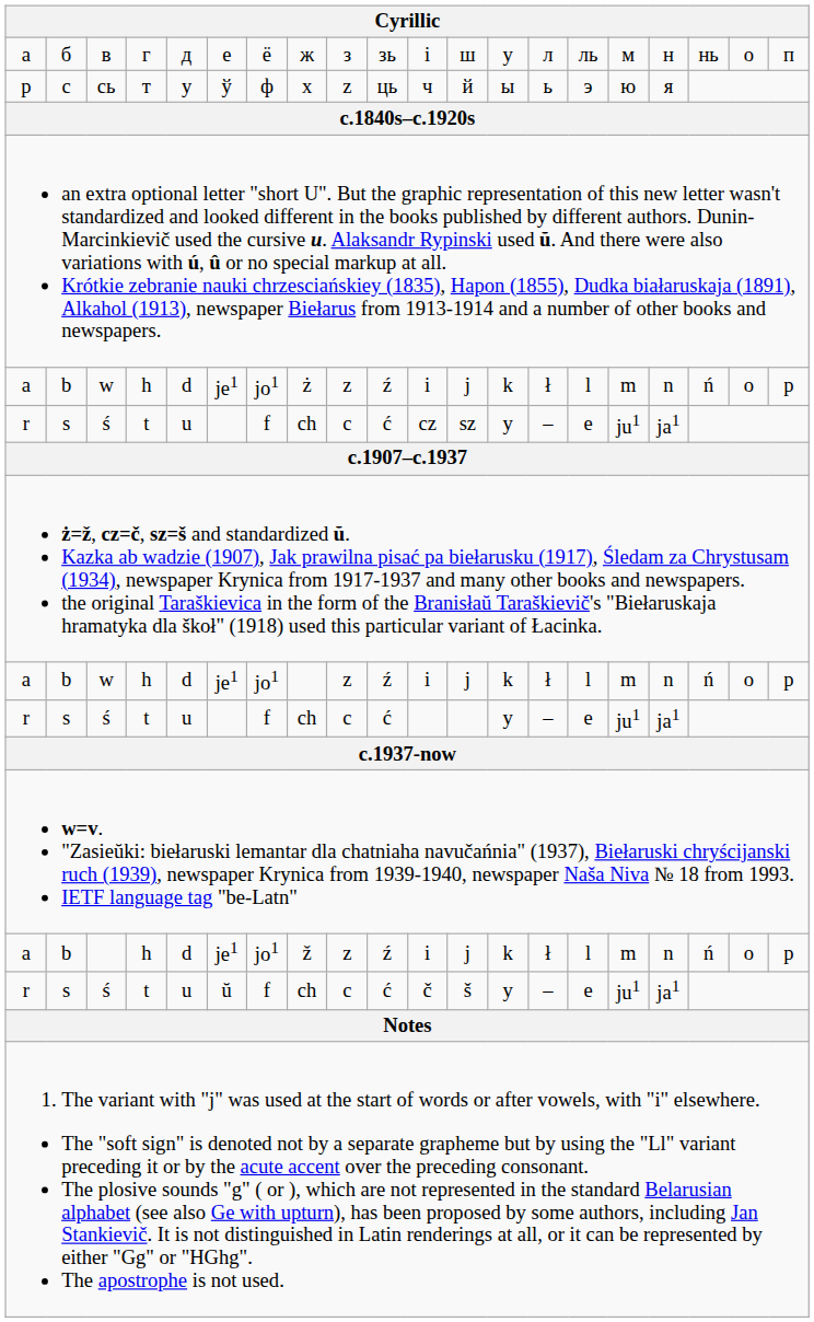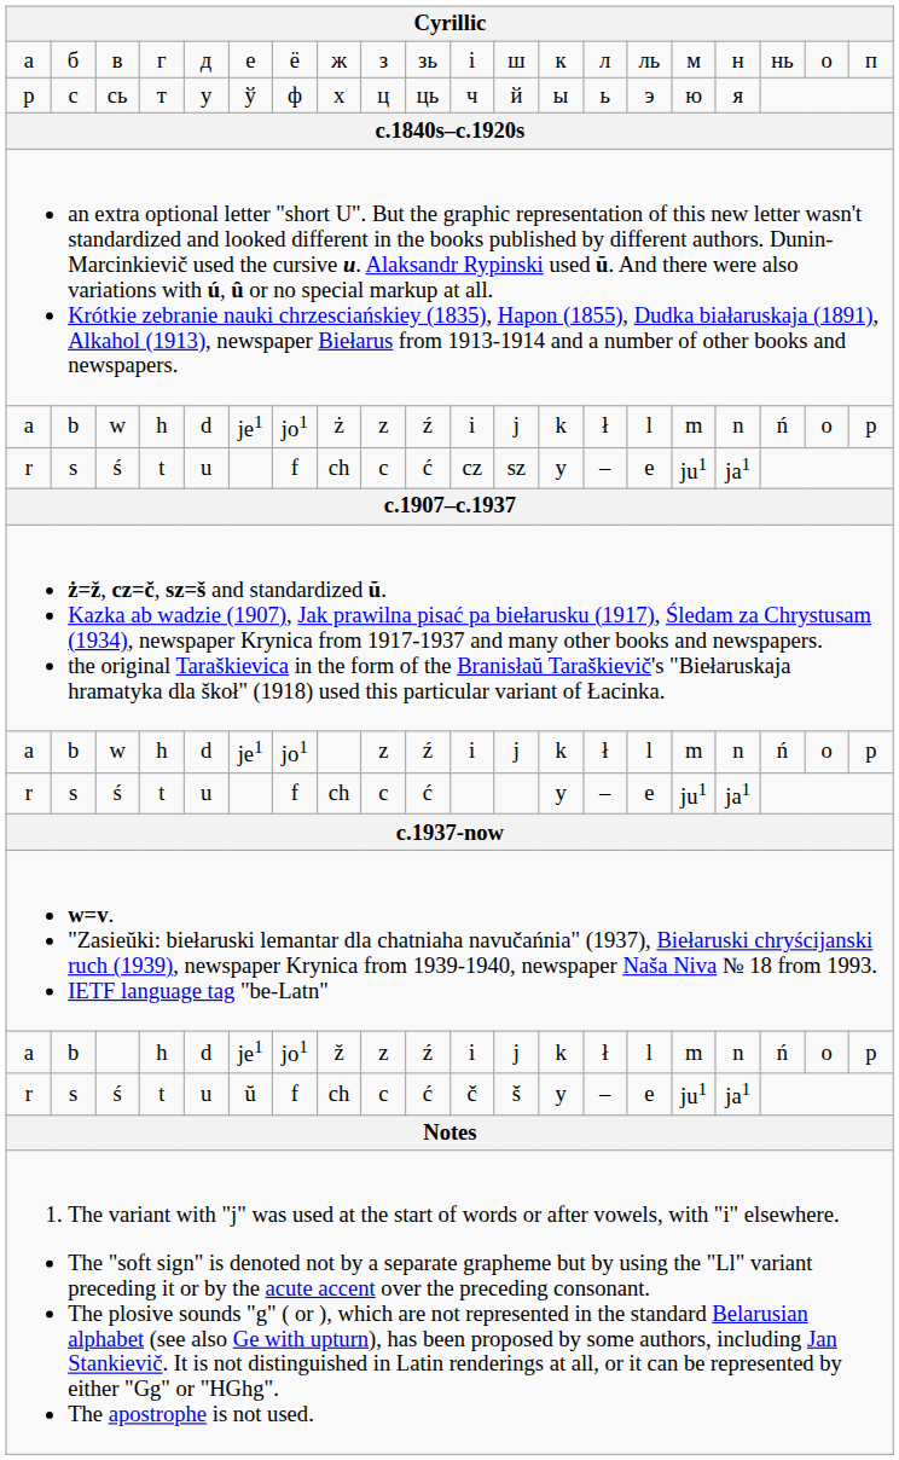 <table class=wikitable style="float:right;width:40%; text-align:center;">
 <tr>
 <th colspan=20>Cyrillic</th>
 </tr>
 <tr>
 <td width=5%>а</td>
 <td width=5%>б</td>
 <td width=5%>в</td>
 <td width=5%>г</td>
 <td width=5%>д</td>
 <td width=5%>е</td>
 <td width=5%>ё</td>
 <td width=5%>ж</td>
 <td width=5%>з</td>
 <td width=5%>зь</td>
 <td width=5%>і</td>
 <td>ш</td>
-<td>y</td>
+<td width=5%>к</td>
 <td width=5%>л</td>
 <td width=5%>ль</td>
 <td width=5%>м</td>
 <td width=5%>н</td>
 <td width=5%>нь</td>
 <td width=5%>о</td>
 <td width=5%>п</td>
 </tr>
 <tr>
 <td>р</td>
 <td>с</td>
 <td>сь</td>
 <td>т</td>
 <td>у</td>
 <td>ў</td>
 <td>ф</td>
 <td>х</td>
-<td>z</td>
+<td>ц</td>
 <td>ць</td>
 <td>ч</td>
 <td width=5%>й</td>
 <td>ы</td>
 <td>ь</td>
 <td>э</td>
 <td>ю</td>
 <td>я</td>
 <td colspan=3></td>
 </tr>
 <tr>
 <th colspan=20>c.1840s–c.1920s</th>
 </tr>
 <tr>
 <td colspan=20 style="text-align:left;"><br><ul><li> an extra optional letter "short U". But the graphic representation of this new letter wasn't standardized and looked different in the books published by different authors. Dunin-Marcinkievič used the cursive <strong><em>u</em></strong>. <a href='#'>Alaksandr Rypinski</a> used <strong>ŭ</strong>. And there were also variations with <strong>ú</strong>, <strong>û</strong> or no special markup at all.</li><li> <a href='#'>Krótkie zebranie nauki chrzesciańskiey (1835)</a>, <a href='#'>Hapon (1855)</a>, <a href='#'>Dudka białaruskaja (1891)</a>, <a href='#'>Alkahol (1913)</a>, newspaper <a href='#'>Biełarus</a> from 1913-1914 and a number of other books and newspapers.</li></ul></td>
 </tr>
 <tr>
 <td>a</td>
 <td>b</td>
 <td>w</td>
 <td>h</td>
 <td>d</td>
 <td>je<sup>1</sup></td>
 <td>jo<sup>1</sup></td>
 <td>ż</td>
 <td>z</td>
 <td>ź</td>
 <td>i</td>
 <td>j</td>
 <td>k</td>
 <td>ł</td>
 <td>l</td>
 <td>m</td>
 <td>n</td>
 <td>ń</td>
 <td>o</td>
 <td>p</td>
 </tr>
 <tr>
 <td>r</td>
 <td>s</td>
 <td>ś</td>
 <td>t</td>
 <td>u</td>
 <td></td>
 <td>f</td>
 <td>ch</td>
 <td>c</td>
 <td>ć</td>
 <td>cz</td>
 <td>sz</td>
 <td>y</td>
 <td>–</td>
 <td>e</td>
 <td>ju<sup>1</sup></td>
 <td>ja<sup>1</sup></td>
 <td colspan=3></td>
 </tr>
 <tr>
 <th colspan=20>c.1907–c.1937</th>
 </tr>
 <tr>
 <td colspan=20 style="text-align:left;"><br><ul><li> <strong>ż=ž</strong>, <strong>cz=č</strong>, <strong>sz=š</strong> and standardized <strong>ŭ</strong>.</li><li> <a href='#'>Kazka ab wadzie (1907)</a>, <a href='#'>Jak prawilna pisać pa biełarusku (1917)</a>, <a href='#'>Śledam za Chrystusam (1934)</a>, newspaper Krynica from 1917-1937 and many other books and newspapers.</li><li> the original <a href='#'>Taraškievica</a> in the form of the <a href='#'>Branisłaŭ Taraškievič</a>'s "Biełaruskaja hramatyka dla škoł" (1918) used this particular variant of Łacinka.</li></ul></td>
 </tr>
 <tr>
 <td>a</td>
 <td>b</td>
 <td>w</td>
 <td>h</td>
 <td>d</td>
 <td>je<sup>1</sup></td>
 <td>jo<sup>1</sup></td>
 <td></td>
 <td>z</td>
 <td>ź</td>
 <td>i</td>
 <td>j</td>
 <td>k</td>
 <td>ł</td>
 <td>l</td>
 <td>m</td>
 <td>n</td>
 <td>ń</td>
 <td>o</td>
 <td>p</td>
 </tr>
 <tr>
 <td>r</td>
 <td>s</td>
 <td>ś</td>
 <td>t</td>
 <td>u</td>
 <td></td>
 <td>f</td>
 <td>ch</td>
 <td>c</td>
 <td>ć</td>
 <td></td>
 <td></td>
 <td>y</td>
 <td>–</td>
 <td>e</td>
 <td>ju<sup>1</sup></td>
 <td>ja<sup>1</sup></td>
 <td colspan=3></td>
 </tr>
 <tr>
 <th colspan=20>c.1937-now</th>
 </tr>
 <tr>
 <td colspan=20 style="text-align:left;"><br><ul><li> <strong>w=v</strong>.</li><li> "Zasieŭki: biełaruski lemantar dla chatniaha navučańnia" (1937), <a href='#'>Biełaruski chryścijanski ruch (1939)</a>, newspaper Krynica from 1939-1940, newspaper <a href='#'>Naša Niva</a> № 18 from 1993.</li><li> <a href='#'>IETF language tag</a> "be-Latn"</li></ul></td>
 </tr>
 <tr>
 <td>a</td>
 <td>b</td>
 <td></td>
 <td>h</td>
 <td>d</td>
 <td>je<sup>1</sup></td>
 <td>jo<sup>1</sup></td>
 <td>ž</td>
 <td>z</td>
 <td>ź</td>
 <td>i</td>
 <td>j</td>
 <td>k</td>
 <td>ł</td>
 <td>l</td>
 <td>m</td>
 <td>n</td>
 <td>ń</td>
 <td>o</td>
 <td>p</td>
 </tr>
 <tr>
 <td>r</td>
 <td>s</td>
 <td>ś</td>
 <td>t</td>
 <td>u</td>
 <td>ŭ</td>
 <td>f</td>
 <td>ch</td>
 <td>c</td>
 <td>ć</td>
 <td>č</td>
 <td>š</td>
 <td>y</td>
 <td>–</td>
 <td>e</td>
 <td>ju<sup>1</sup></td>
 <td>ja<sup>1</sup></td>
 <td colspan=3></td>
 </tr>
 <tr>
 <th colspan=20>Notes</th>
 </tr>
 <tr>
 <td colspan=20 style="text-align:left;"><br><ol><li>The variant with "j" was used at the start of words or after vowels, with "i" elsewhere.</li></ol><ul><li>The "soft sign" is denoted not by a separate grapheme but by using the "Ll" variant preceding it or by the <a href='#'>acute accent</a> over the preceding consonant.</li><li>The plosive sounds "g" ( or ), which are not represented in the standard <a href='#'>Belarusian alphabet</a> (see also <a href='#'>Ge with upturn</a>), has been proposed by some authors, including <a href='#'>Jan Stankievič</a>. It is not distinguished in Latin renderings at all, or it can be represented by either "Gg" or "HGhg".</li><li>The <a href='#'>apostrophe</a> is not used.</li></ul></td>
 </tr>
 </table>
